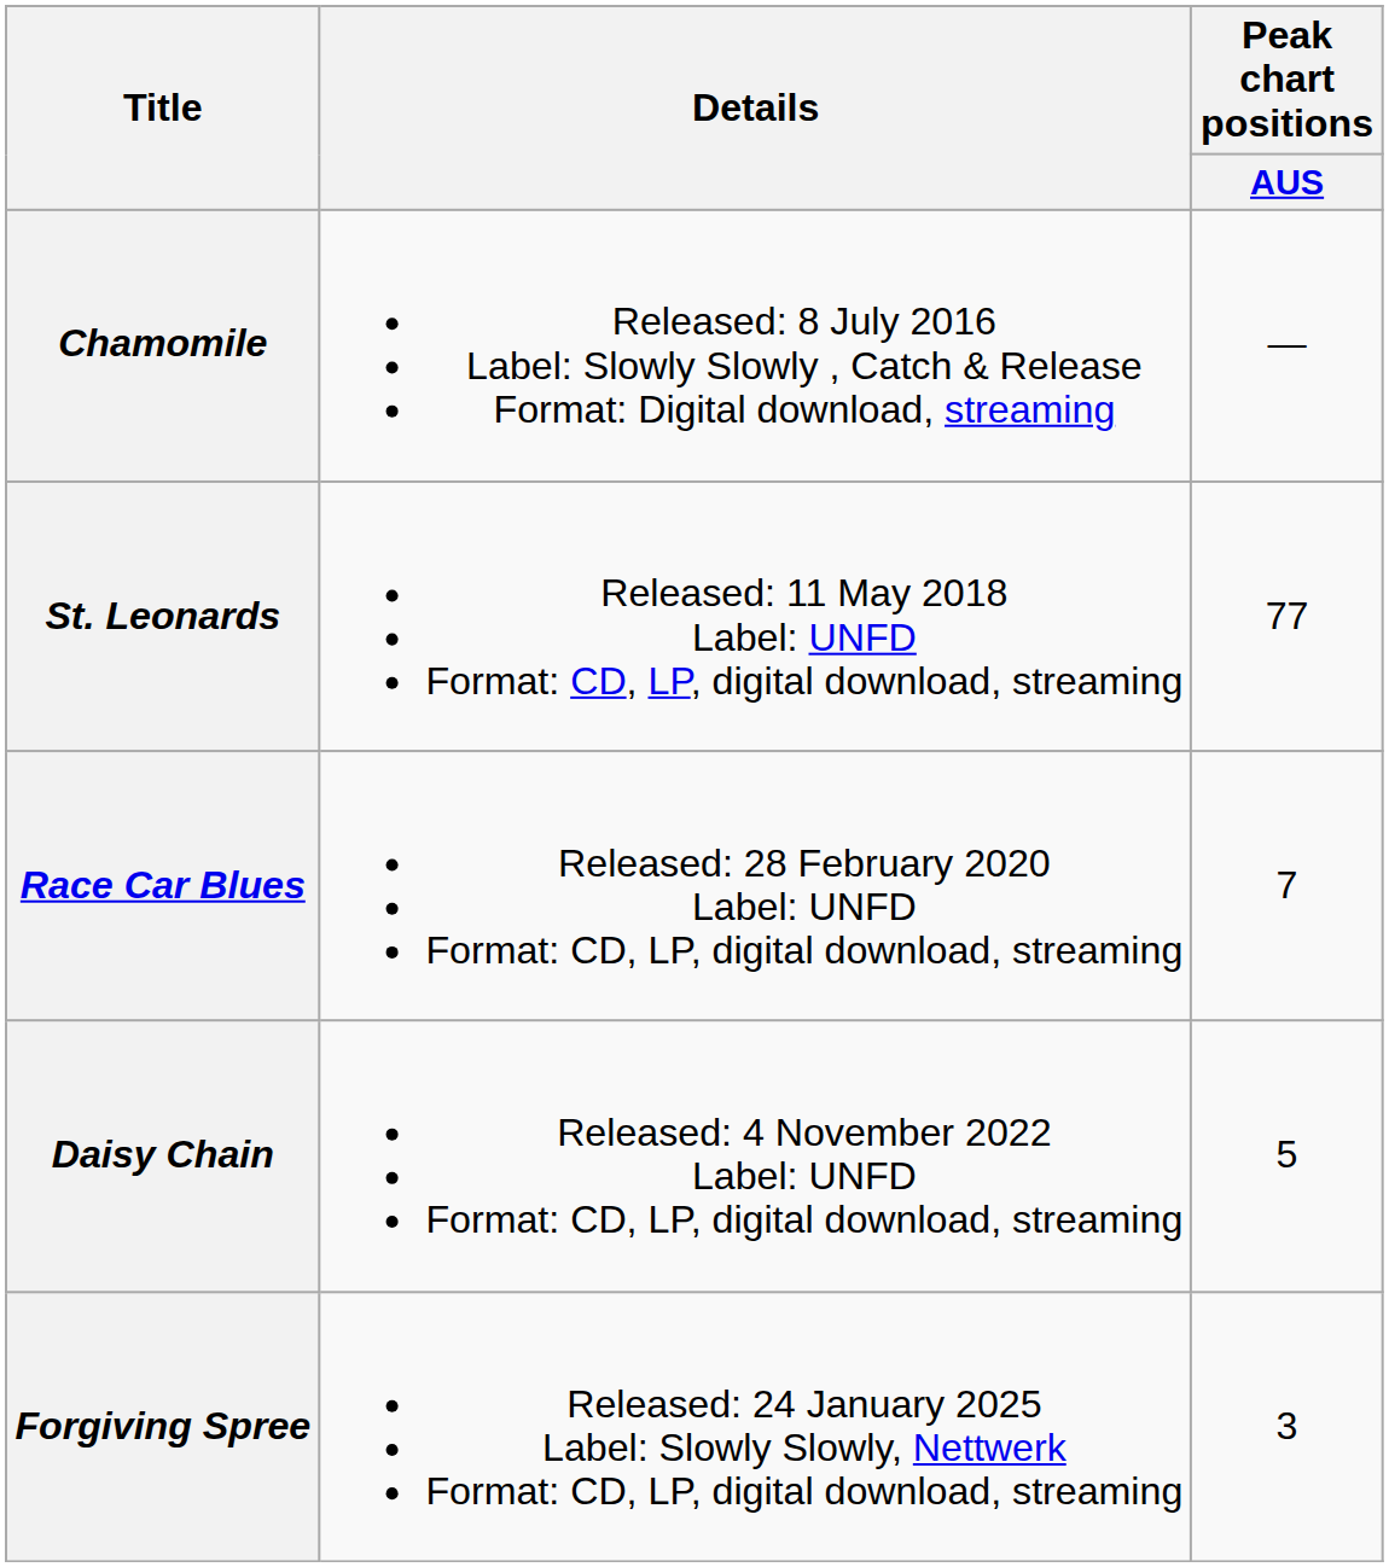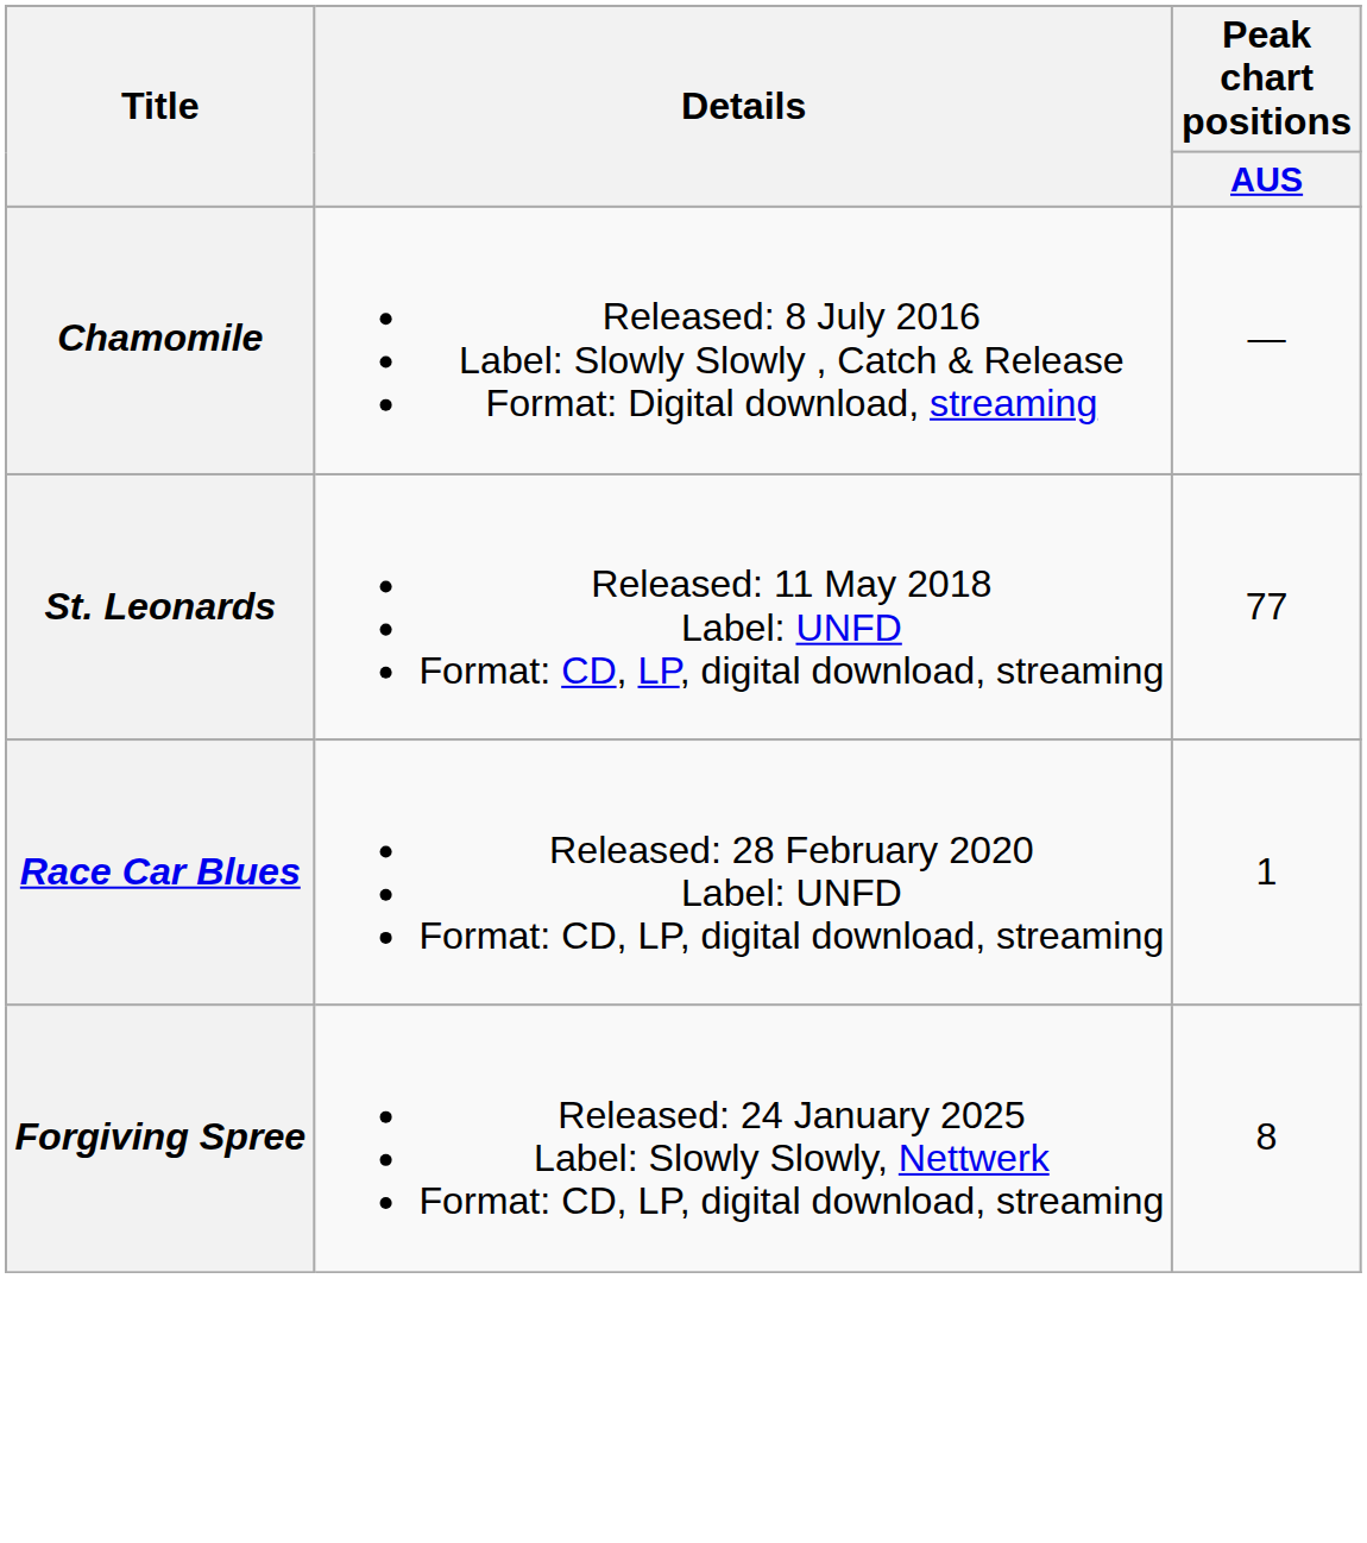 <table class="wikitable plainrowheaders" style="text-align:center;">
 <tr>
 <th scope="col" rowspan="2">Title</th>
 <th scope="col" rowspan="2">Details</th>
 <th scope="col" colspan="1">Peak chart positions</th>
 </tr>
 <tr>
 <th scope="col" style="width:3em;font-size:90%;"><a href='#'>AUS</a><br></th>
 </tr>
 <tr>
 <th scope="row"><em>Chamomile</em></th>
 <td><br><ul><li>Released: 8 July 2016</li><li>Label: Slowly Slowly , Catch & Release</li><li>Format: Digital download, <a href='#'>streaming</a></li></ul></td>
 <td>—</td>
 </tr>
 <tr>
 <th scope="row"><em>St. Leonards</em></th>
 <td><br><ul><li>Released: 11 May 2018</li><li>Label: <a href='#'>UNFD</a></li><li>Format: <a href='#'>CD</a>, <a href='#'>LP</a>, digital download, streaming</li></ul></td>
 <td>77</td>
 </tr>
 <tr>
 <th scope="row"><em><a href='#'>Race Car Blues</a></em></th>
 <td><br><ul><li>Released: 28 February 2020</li><li>Label: UNFD</li><li>Format: CD, LP, digital download, streaming</li></ul></td>
-<td>7</td>
-</tr>
-<tr>
-<th scope="row"><em>Daisy Chain</em></th>
-<td><br><ul><li>Released: 4 November 2022</li><li>Label: UNFD</li><li>Format: CD, LP, digital download, streaming</li></ul></td>
-<td>5<br></td>
+<td>1</td>
 </tr>
 <tr>
 <th scope="row"><em>Forgiving Spree</em></th>
 <td><br><ul><li>Released: 24 January 2025</li><li>Label: Slowly Slowly, <a href='#'>Nettwerk</a></li><li>Format: CD, LP, digital download, streaming</li></ul></td>
-<td>3<br></td>
+<td>8<br></td>
 </tr>
 </table>
